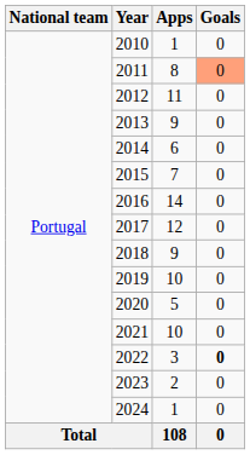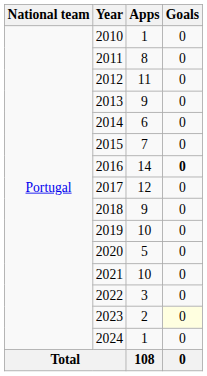 <table class="wikitable" style="text-align: center;">
 <tr>
 <th>National team</th>
 <th>Year</th>
 <th>Apps</th>
 <th>Goals</th>
 </tr>
 <tr>
 <td rowspan="15"><a href='#'>Portugal</a></td>
 <td>2010</td>
 <td>1</td>
 <td>0</td>
 </tr>
 <tr>
 <td>2011</td>
 <td>8</td>
-<td style="background: lightsalmon;">0</td>
+<td>0</td>
 </tr>
 <tr>
 <td>2012</td>
 <td>11</td>
 <td>0</td>
 </tr>
 <tr>
 <td>2013</td>
 <td>9</td>
 <td>0</td>
 </tr>
 <tr>
 <td>2014</td>
 <td>6</td>
 <td>0</td>
 </tr>
 <tr>
 <td>2015</td>
 <td>7</td>
 <td>0</td>
 </tr>
 <tr>
 <td>2016</td>
 <td>14</td>
-<td>0</td>
+<td><strong>0</strong></td>
 </tr>
 <tr>
 <td>2017</td>
 <td>12</td>
 <td>0</td>
 </tr>
 <tr>
 <td>2018</td>
 <td>9</td>
 <td>0</td>
 </tr>
 <tr>
 <td>2019</td>
 <td>10</td>
 <td>0</td>
 </tr>
 <tr>
 <td>2020</td>
 <td>5</td>
 <td>0</td>
 </tr>
 <tr>
 <td>2021</td>
 <td>10</td>
 <td>0</td>
 </tr>
 <tr>
 <td>2022</td>
 <td>3</td>
-<td><strong>0</strong></td>
+<td>0</td>
 </tr>
 <tr>
 <td>2023</td>
 <td>2</td>
-<td>0</td>
+<td style="background: lightyellow;">0</td>
 </tr>
 <tr>
 <td>2024</td>
 <td>1</td>
 <td>0</td>
 </tr>
 <tr>
 <th colspan="2">Total</th>
 <th>108</th>
 <th>0</th>
 </tr>
 </table>
